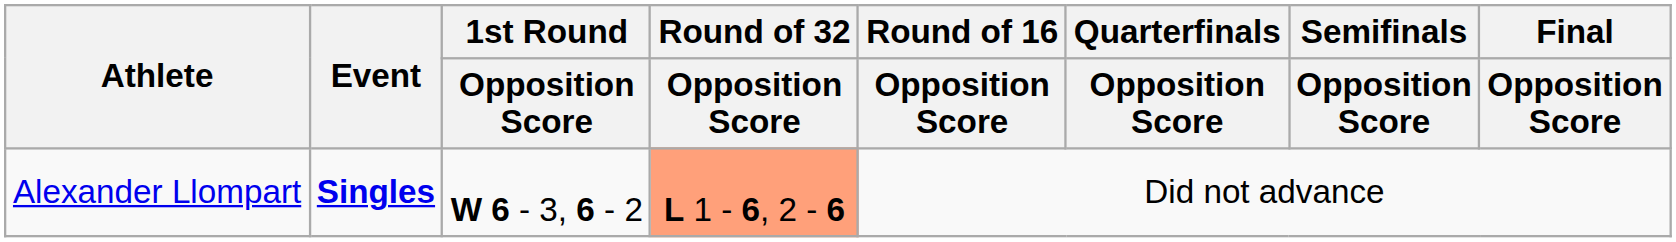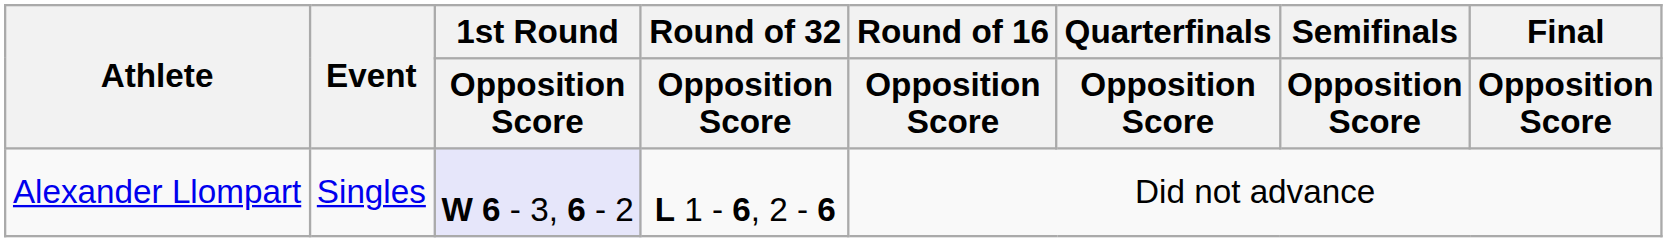 <table class="wikitable" border="1" style="font-size:90%">
 <tr>
 <th rowspan=2>Athlete</th>
 <th rowspan=2>Event</th>
 <th>1st Round</th>
 <th>Round of 32</th>
 <th>Round of 16</th>
 <th>Quarterfinals</th>
 <th>Semifinals</th>
 <th>Final</th>
 </tr>
 <tr>
 <th>Opposition<br>Score</th>
 <th>Opposition<br>Score</th>
 <th>Opposition<br>Score</th>
 <th>Opposition<br>Score</th>
 <th>Opposition<br>Score</th>
 <th>Opposition<br>Score</th>
 </tr>
 <tr>
 <td><a href='#'>Alexander Llompart</a></td>
-<td><strong><a href='#'>Singles</a></strong></td>
-<td align=center><br><strong>W</strong> <strong>6</strong> - 3, <strong>6</strong> - 2</td>
-<td align=center style="background: lightsalmon;"><br><strong>L</strong> 1 - <strong>6</strong>, 2 - <strong>6</strong></td>
+<td><a href='#'>Singles</a></td>
+<td align=center style="background: lavender;"><br><strong>W</strong> <strong>6</strong> - 3, <strong>6</strong> - 2</td>
+<td align=center><br><strong>L</strong> 1 - <strong>6</strong>, 2 - <strong>6</strong></td>
 <td align="center" colspan="7">Did not advance</td>
 </tr>
 </table>
